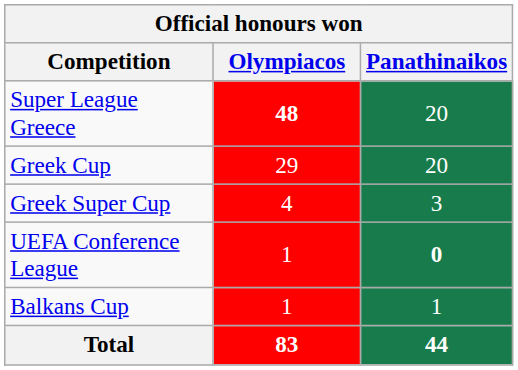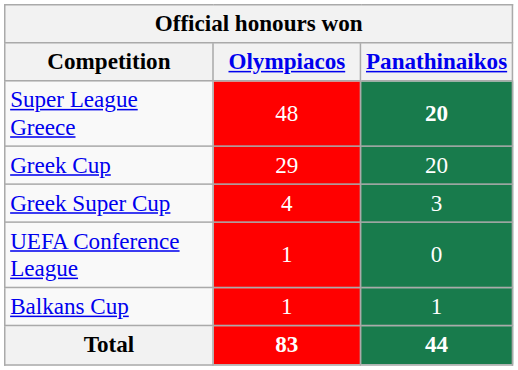 <table class="wikitable" style="text-align:center;font-size:95%">
 <tr>
 <th colspan=3>Official honours won</th>
 </tr>
 <tr>
 <th width="130">Competition</th>
 <th width="90"><a href='#'>Olympiacos</a></th>
 <th width="90"><a href='#'>Panathinaikos</a></th>
 </tr>
 <tr>
 <td align=left><a href='#'>Super League Greece</a></td>
-<td style="color:#ffffff;background:#ff0000"><strong>48</strong></td>
-<td style="color:#ffffff;background:#187B4C">20</td>
+<td style="color:#ffffff;background:#ff0000">48</td>
+<td style="color:#ffffff;background:#187B4C"><strong>20</strong></td>
 </tr>
 <tr>
 <td align=left><a href='#'>Greek Cup</a></td>
 <td style="color:#ffffff;background:#ff0000">29</td>
 <td style="color:#ffffff;background:#187B4C">20</td>
 </tr>
 <tr>
 <td align=left><a href='#'>Greek Super Cup</a></td>
 <td style="color:#ffffff;background:#ff0000">4</td>
 <td style="color:#ffffff;background:#187B4C">3</td>
 </tr>
 <tr>
 <td align=left><a href='#'>UEFA Conference League</a></td>
 <td style="color:#ffffff;background:#ff0000">1</td>
-<td style="color:#ffffff;background:#187B4C"><strong>0</strong></td>
+<td style="color:#ffffff;background:#187B4C">0</td>
 </tr>
 <tr>
 <td align=left><a href='#'>Balkans Cup</a></td>
 <td style="color:#ffffff;background:#ff0000">1</td>
 <td style="color:#ffffff;background:#187B4C">1</td>
 </tr>
 <tr>
 <th>Total</th>
 <td style="color:#ffffff;background:#ff0000"><strong>83</strong></td>
 <td style="color:#ffffff;background:#187B4C"><strong>44</strong></td>
 </tr>
 </table>
